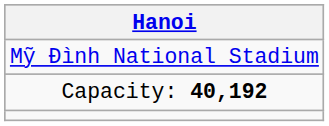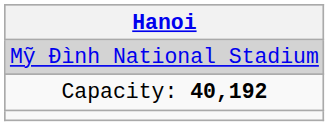 <table class="wikitable" style="text-align:center">
 <tr>
 <th><a href='#'>Hanoi</a></th>
 </tr>
 <tr>
-<td><a href='#'>Mỹ Đình National Stadium</a></td>
+<td style="background: lightgrey;"><a href='#'>Mỹ Đình National Stadium</a></td>
 </tr>
 <tr>
 <td>Capacity: <strong>40,192</strong></td>
 </tr>
 <tr>
 <td></td>
 </tr>
 </table>
